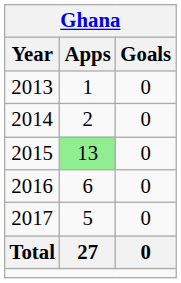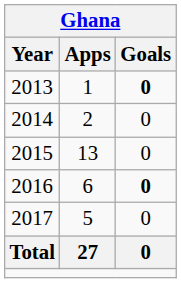 <table class="wikitable" style="text-align:center">
 <tr>
 <th colspan="3"><a href='#'>Ghana</a></th>
 </tr>
 <tr>
 <th>Year</th>
 <th>Apps</th>
 <th>Goals</th>
 </tr>
 <tr>
 <td>2013</td>
 <td>1</td>
-<td>0</td>
+<td><strong>0</strong></td>
 </tr>
 <tr>
 <td>2014</td>
 <td>2</td>
 <td>0</td>
 </tr>
 <tr>
 <td>2015</td>
-<td style="background: lightgreen;">13</td>
+<td>13</td>
 <td>0</td>
 </tr>
 <tr>
 <td>2016</td>
 <td>6</td>
-<td>0</td>
+<td><strong>0</strong></td>
 </tr>
 <tr>
 <td>2017</td>
 <td>5</td>
 <td>0</td>
 </tr>
 <tr>
 <th>Total</th>
 <th>27</th>
 <th>0</th>
 </tr>
 <tr>
 <td colspan="3"></td>
 </tr>
 </table>
